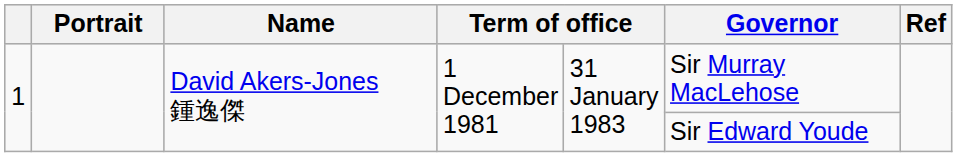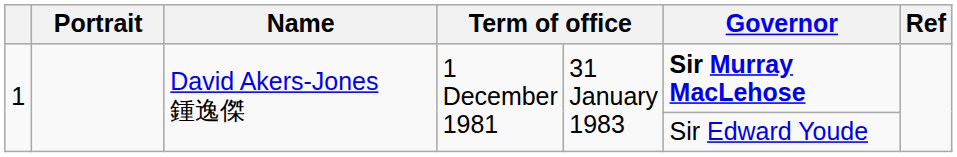 <table class="wikitable"  style="text-align:left">
 <tr>
 <th width=10px></th>
 <th width=80px>Portrait</th>
 <th width=180px>Name</th>
 <th width=180px colspan=2>Term of office</th>
 <th width=150px><a href='#'>Governor</a></th>
 <th>Ref</th>
 </tr>
 <tr>
 <td align=center rowspan=2>1</td>
 <td rowspan=2></td>
 <td rowspan=2><a href='#'>David Akers-Jones</a><br>鍾逸傑</td>
 <td rowspan=2>1 December 1981</td>
 <td rowspan=2>31 January 1983</td>
-<td>Sir <a href='#'>Murray MacLehose</a><br></td>
+<td><strong>Sir <a href='#'>Murray MacLehose</a><br></strong></td>
 <td rowspan=2></td>
 </tr>
 <tr>
 <td rowspan=2>Sir <a href='#'>Edward Youde</a><br></td>
 </tr>
 </table>
